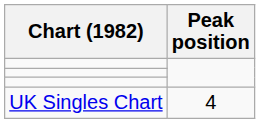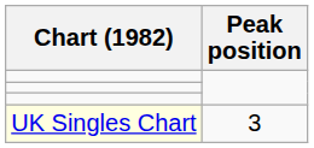 <table class="wikitable sortable">
 <tr>
 <th>Chart (1982)</th>
 <th>Peak<br>position</th>
 </tr>
 <tr>
 <td></td>
 </tr>
 <tr>
 <td></td>
 </tr>
 <tr>
 <td></td>
 </tr>
 <tr>
-<td><a href='#'>UK Singles Chart</a></td>
-<td align=center>4</td>
+<td style="background: lightyellow;"><a href='#'>UK Singles Chart</a></td>
+<td align=center>3</td>
 </tr>
 </table>
